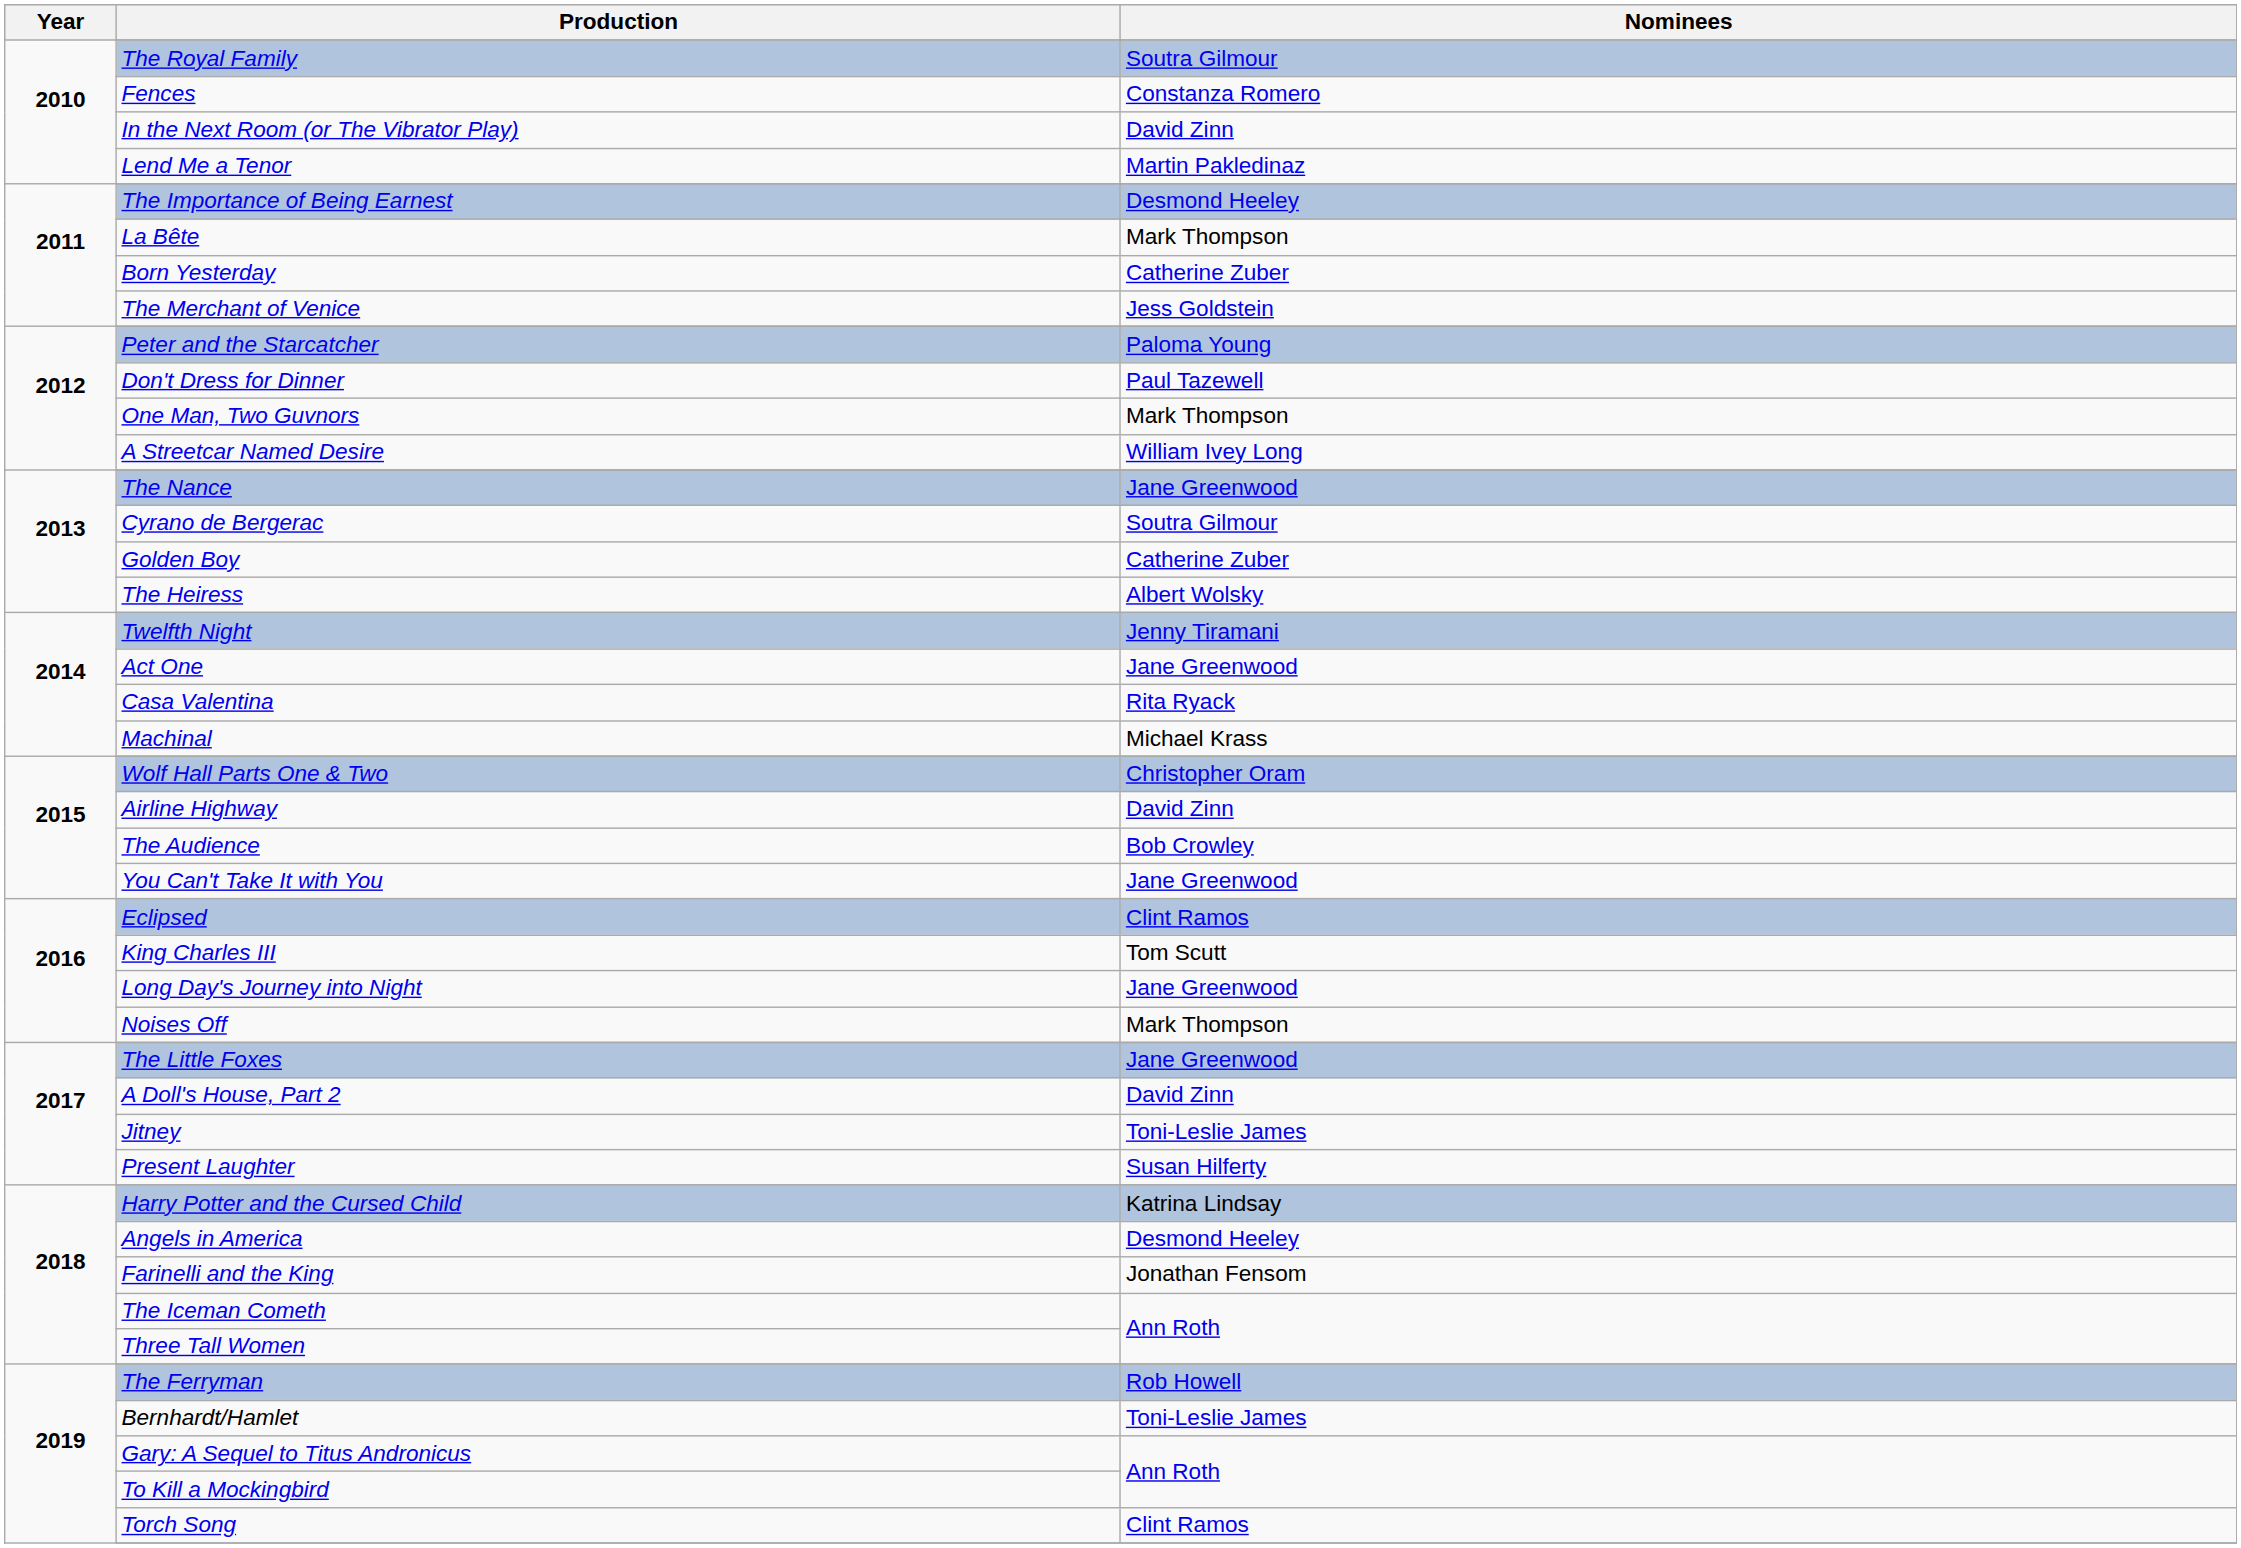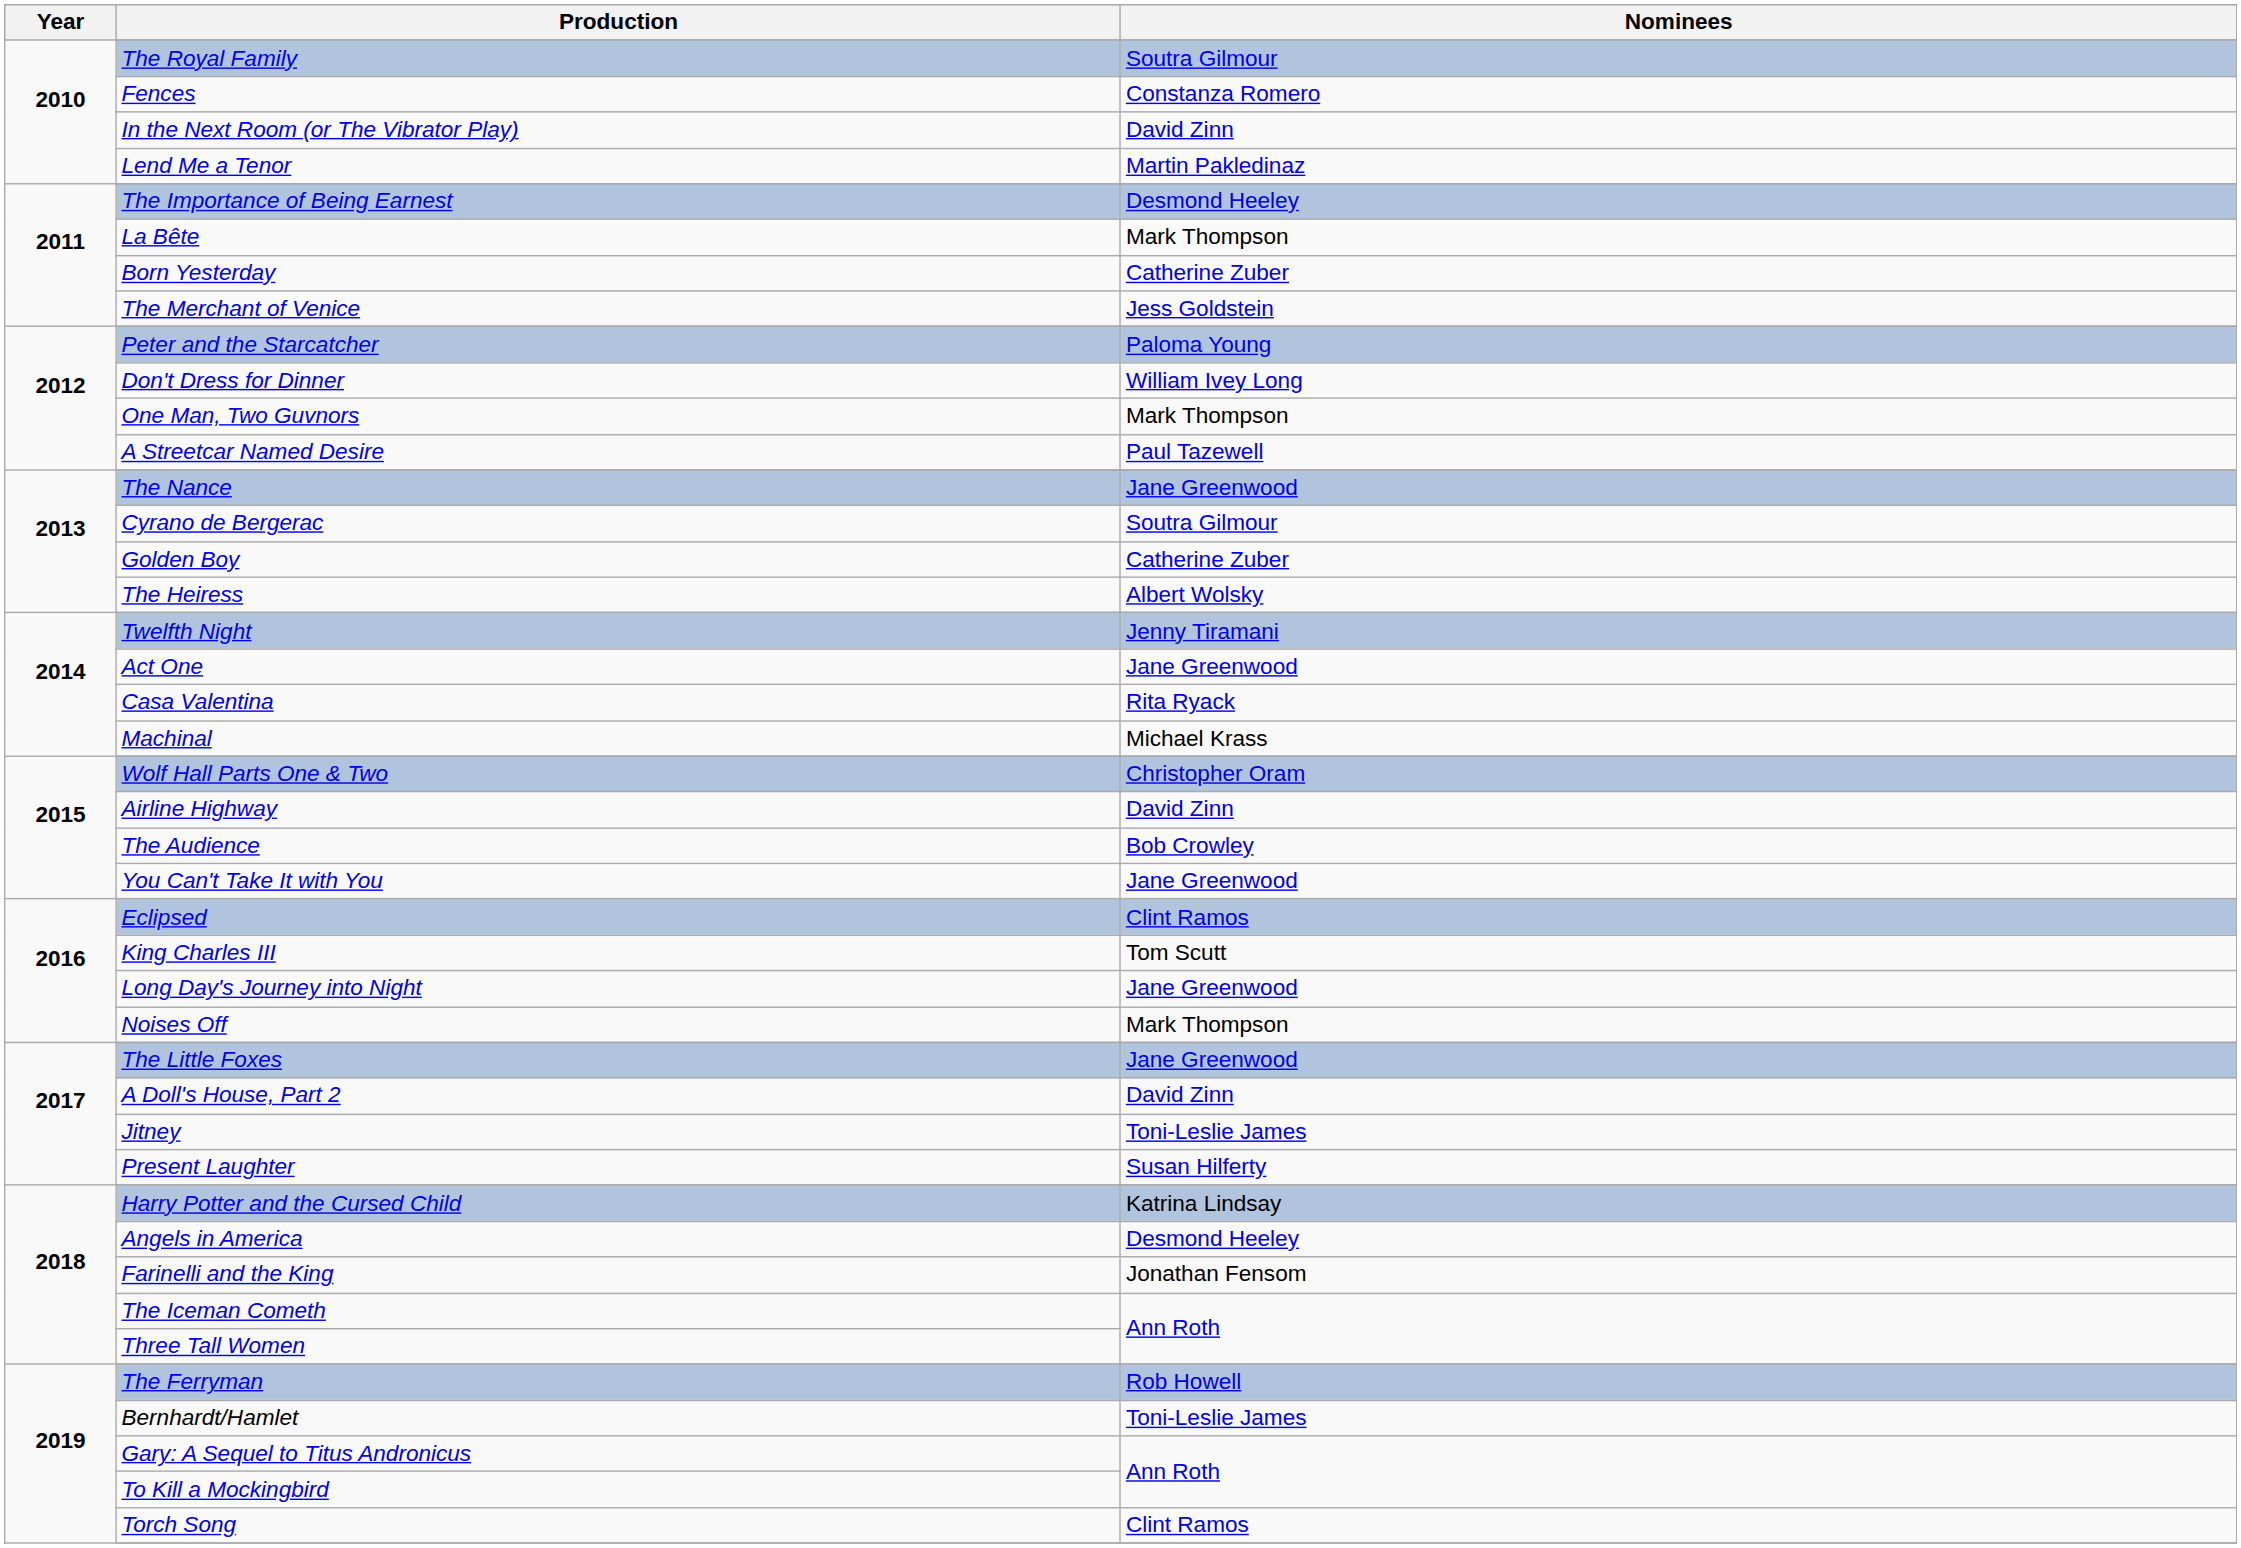 <table class="wikitable" style="width:100%;">
 <tr style="background:#bebebe;">
 <th style="width:5%;">Year</th>
 <th style="width:45%;”">Production</th>
 <th style="width:50%;”">Nominees</th>
 </tr>
 <tr>
 <td rowspan="5" align="center"><strong>2010</strong><br><br></td>
 </tr>
 <tr style="background:#B0C4DE">
 <td><em><a href='#'>The Royal Family</a></em></td>
 <td><a href='#'>Soutra Gilmour</a></td>
 </tr>
 <tr>
 <td><em><a href='#'>Fences</a></em></td>
 <td><a href='#'>Constanza Romero</a></td>
 </tr>
 <tr>
 <td><em><a href='#'>In the Next Room (or The Vibrator Play)</a></em></td>
 <td><a href='#'>David Zinn</a></td>
 </tr>
 <tr>
 <td><em><a href='#'>Lend Me a Tenor</a></em></td>
 <td><a href='#'>Martin Pakledinaz</a></td>
 </tr>
 <tr>
 <td rowspan="5" align="center"><strong>2011</strong><br><br></td>
 </tr>
 <tr style="background:#B0C4DE">
 <td><em><a href='#'>The Importance of Being Earnest</a></em></td>
 <td><a href='#'>Desmond Heeley</a></td>
 </tr>
 <tr>
 <td><em><a href='#'>La Bête</a></em></td>
 <td>Mark Thompson</td>
 </tr>
 <tr>
 <td><em><a href='#'>Born Yesterday</a></em></td>
 <td><a href='#'>Catherine Zuber</a></td>
 </tr>
 <tr>
 <td><em><a href='#'>The Merchant of Venice</a></em></td>
 <td><a href='#'>Jess Goldstein</a></td>
 </tr>
 <tr>
 <td rowspan="5" align="center"><strong>2012</strong><br><br></td>
 </tr>
 <tr style="background:#B0C4DE">
 <td><em><a href='#'>Peter and the Starcatcher</a></em></td>
 <td><a href='#'>Paloma Young</a></td>
 </tr>
 <tr>
 <td><em><a href='#'>Don't Dress for Dinner</a></em></td>
-<td><a href='#'>Paul Tazewell</a></td>
+<td><a href='#'>William Ivey Long</a></td>
 </tr>
 <tr>
 <td><em><a href='#'>One Man, Two Guvnors</a></em></td>
 <td>Mark Thompson</td>
 </tr>
 <tr>
 <td><em><a href='#'>A Streetcar Named Desire</a></em></td>
-<td><a href='#'>William Ivey Long</a></td>
+<td><a href='#'>Paul Tazewell</a></td>
 </tr>
 <tr>
 <td rowspan="5" align="center"><strong>2013</strong><br><br></td>
 </tr>
 <tr style="background:#B0C4DE">
 <td><em><a href='#'>The Nance</a></em></td>
 <td><a href='#'>Jane Greenwood</a></td>
 </tr>
 <tr>
 <td><em><a href='#'>Cyrano de Bergerac</a></em></td>
 <td><a href='#'>Soutra Gilmour</a></td>
 </tr>
 <tr>
 <td><em><a href='#'>Golden Boy</a></em></td>
 <td><a href='#'>Catherine Zuber</a></td>
 </tr>
 <tr>
 <td><em><a href='#'>The Heiress</a></em></td>
 <td><a href='#'>Albert Wolsky</a></td>
 </tr>
 <tr>
 <td rowspan="5" align="center"><strong>2014</strong><br><br></td>
 </tr>
 <tr style="background:#B0C4DE">
 <td><em><a href='#'>Twelfth Night</a></em></td>
 <td><a href='#'>Jenny Tiramani</a></td>
 </tr>
 <tr>
 <td><em><a href='#'>Act One</a></em></td>
 <td><a href='#'>Jane Greenwood</a></td>
 </tr>
 <tr>
 <td><em><a href='#'>Casa Valentina</a></em></td>
 <td><a href='#'>Rita Ryack</a></td>
 </tr>
 <tr>
 <td><em><a href='#'>Machinal</a></em></td>
 <td>Michael Krass</td>
 </tr>
 <tr>
 <td rowspan="5" align="center"><strong>2015</strong><br><br></td>
 </tr>
 <tr style="background:#B0C4DE">
 <td><em><a href='#'>Wolf Hall Parts One & Two</a></em></td>
 <td><a href='#'>Christopher Oram</a></td>
 </tr>
 <tr>
 <td><em><a href='#'>Airline Highway</a></em></td>
 <td><a href='#'>David Zinn</a></td>
 </tr>
 <tr>
 <td><em><a href='#'>The Audience</a></em></td>
 <td><a href='#'>Bob Crowley</a></td>
 </tr>
 <tr>
 <td><em><a href='#'>You Can't Take It with You</a></em></td>
 <td><a href='#'>Jane Greenwood</a></td>
 </tr>
 <tr>
 <td rowspan="5" align="center"><strong>2016</strong><br><br></td>
 </tr>
 <tr style="background:#B0C4DE">
 <td><em><a href='#'>Eclipsed</a></em></td>
 <td><a href='#'>Clint Ramos</a></td>
 </tr>
 <tr>
 <td><em><a href='#'>King Charles III</a></em></td>
 <td>Tom Scutt</td>
 </tr>
 <tr>
 <td><em><a href='#'>Long Day's Journey into Night</a></em></td>
 <td><a href='#'>Jane Greenwood</a></td>
 </tr>
 <tr>
 <td><em><a href='#'>Noises Off</a></em></td>
 <td>Mark Thompson</td>
 </tr>
 <tr>
 <td rowspan="5" align="center"><strong>2017</strong><br><br></td>
 </tr>
 <tr style="background:#B0C4DE">
 <td><em><a href='#'>The Little Foxes</a></em></td>
 <td><a href='#'>Jane Greenwood</a></td>
 </tr>
 <tr>
 <td><em><a href='#'>A Doll's House, Part 2</a></em></td>
 <td><a href='#'>David Zinn</a></td>
 </tr>
 <tr>
 <td><em><a href='#'>Jitney</a></em></td>
 <td><a href='#'>Toni-Leslie James</a></td>
 </tr>
 <tr>
 <td><em><a href='#'>Present Laughter</a></em></td>
 <td><a href='#'>Susan Hilferty</a></td>
 </tr>
 <tr>
 <td rowspan="6" align="center"><strong>2018</strong><br><br></td>
 </tr>
 <tr style="background:#B0C4DE">
 <td><em><a href='#'>Harry Potter and the Cursed Child</a></em></td>
 <td>Katrina Lindsay</td>
 </tr>
 <tr>
 <td><em><a href='#'>Angels in America</a></em></td>
 <td><a href='#'>Desmond Heeley</a></td>
 </tr>
 <tr>
 <td><em><a href='#'>Farinelli and the King</a></em></td>
 <td>Jonathan Fensom</td>
 </tr>
 <tr>
 <td><em><a href='#'>The Iceman Cometh</a></em></td>
 <td rowspan="2"><a href='#'>Ann Roth</a></td>
 </tr>
 <tr>
 <td><em><a href='#'>Three Tall Women</a></em></td>
 </tr>
 <tr>
 <td rowspan="7" align="center"><strong>2019</strong><br><br></td>
 </tr>
 <tr style="background:#B0C4DE">
 <td><em><a href='#'>The Ferryman</a></em></td>
 <td><a href='#'>Rob Howell</a></td>
 </tr>
 <tr>
 <td><em>Bernhardt/Hamlet</em></td>
 <td><a href='#'>Toni-Leslie James</a></td>
 </tr>
 <tr>
 <td><em><a href='#'>Gary: A Sequel to Titus Andronicus</a></em></td>
 <td rowspan=2><a href='#'>Ann Roth</a></td>
 </tr>
 <tr>
 <td><em><a href='#'>To Kill a Mockingbird</a></em></td>
 </tr>
 <tr>
 <td><em><a href='#'>Torch Song</a></em></td>
 <td><a href='#'>Clint Ramos</a></td>
 </tr>
 <tr>
 </tr>
 </table>
